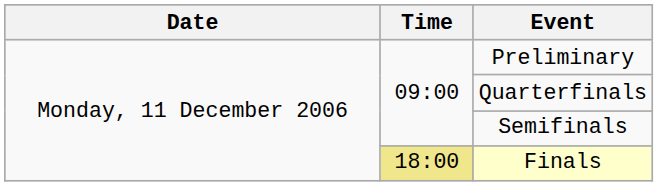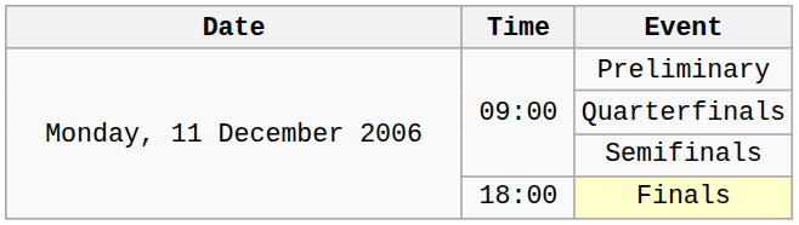 <table class = "wikitable" style="text-align:center;">
 <tr>
 <th width=220>Date</th>
 <th width=50>Time</th>
 <th width=100>Event</th>
 </tr>
 <tr>
 <td rowspan=4>Monday, 11 December 2006</td>
 <td rowspan=3>09:00</td>
 <td>Preliminary</td>
 </tr>
 <tr>
 <td>Quarterfinals</td>
 </tr>
 <tr>
 <td>Semifinals</td>
 </tr>
 <tr>
-<td style="background: khaki;">18:00</td>
+<td>18:00</td>
 <td bgcolor=ffffcc>Finals</td>
 </tr>
 </table>
